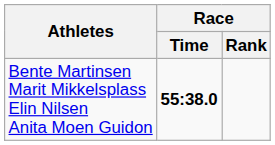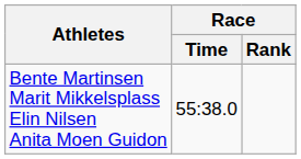 <table class="wikitable" border="1" style="font-size:90%">
 <tr>
 <th rowspan=2>Athletes</th>
 <th colspan=2>Race</th>
 </tr>
 <tr>
 <th>Time</th>
 <th>Rank</th>
 </tr>
 <tr>
 <td><a href='#'>Bente Martinsen</a><br><a href='#'>Marit Mikkelsplass</a><br><a href='#'>Elin Nilsen</a><br><a href='#'>Anita Moen Guidon</a></td>
-<td align=center><strong>55:38.0</strong></td>
+<td align=center>55:38.0</td>
 <td align=center></td>
 </tr>
 </table>
